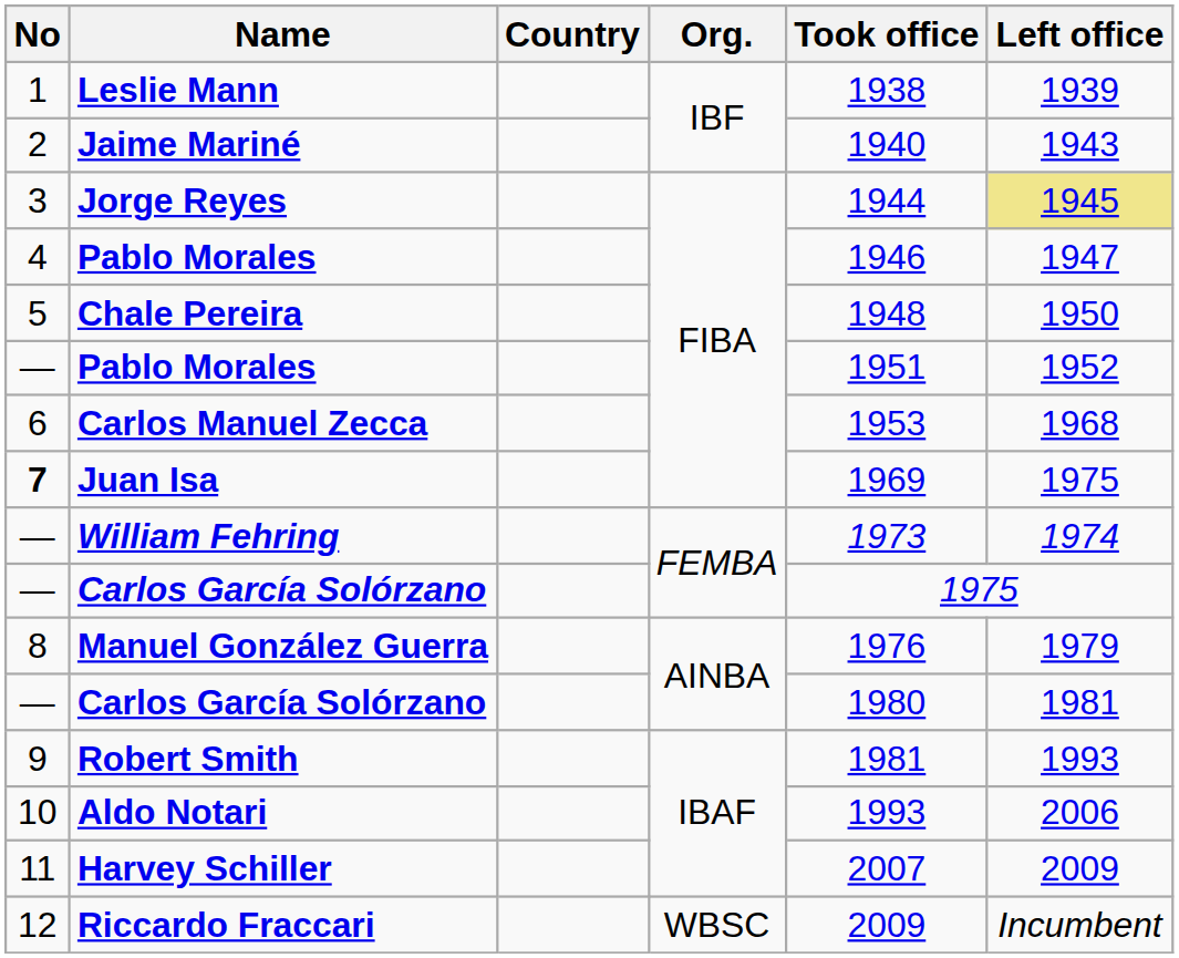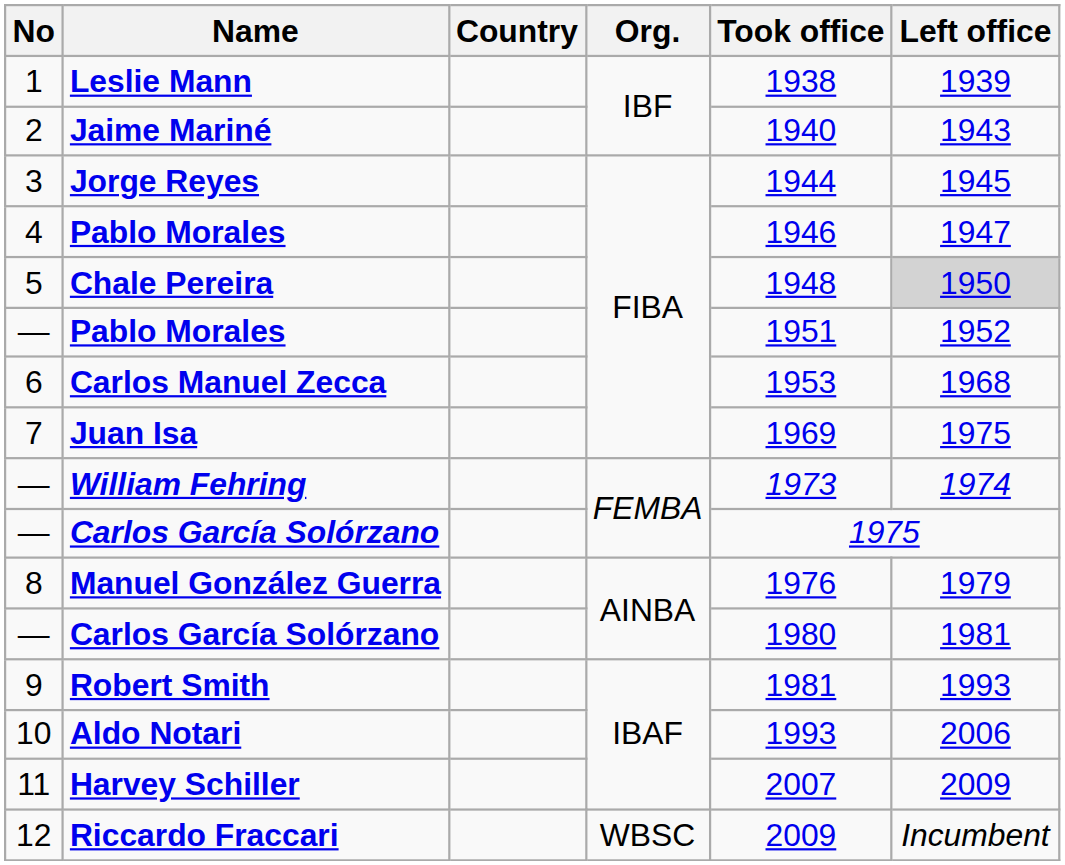 <table class="wikitable" style="font-size:90%; text-align:center;">
 <tr>
 <th>No</th>
 <th>Name</th>
 <th>Country</th>
 <th>Org.</th>
 <th>Took office</th>
 <th>Left office</th>
 </tr>
 <tr>
 <td>1</td>
 <td align="left"><strong><a href='#'>Leslie Mann</a></strong></td>
 <td align="left"></td>
 <td rowspan=2>IBF</td>
 <td><a href='#'>1938</a></td>
 <td><a href='#'>1939</a></td>
 </tr>
 <tr>
 <td>2</td>
 <td align="left"><strong><a href='#'>Jaime Mariné</a></strong></td>
 <td align="left"></td>
 <td><a href='#'>1940</a></td>
 <td><a href='#'>1943</a></td>
 </tr>
 <tr>
 <td>3</td>
 <td align="left"><strong><a href='#'>Jorge Reyes</a></strong></td>
 <td align="left"></td>
 <td rowspan=6>FIBA</td>
 <td><a href='#'>1944</a></td>
-<td style="background: khaki;"><a href='#'>1945</a></td>
+<td><a href='#'>1945</a></td>
 </tr>
 <tr>
 <td>4</td>
 <td align="left"><strong><a href='#'>Pablo Morales</a></strong></td>
 <td align="left"></td>
 <td><a href='#'>1946</a></td>
 <td><a href='#'>1947</a></td>
 </tr>
 <tr>
 <td>5</td>
 <td align="left"><strong><a href='#'>Chale Pereira</a></strong></td>
 <td align="left"></td>
 <td><a href='#'>1948</a></td>
-<td><a href='#'>1950</a></td>
+<td style="background: lightgrey;"><a href='#'>1950</a></td>
 </tr>
 <tr>
 <td>—</td>
 <td align="left"><strong><a href='#'>Pablo Morales</a></strong></td>
 <td align="left"></td>
 <td><a href='#'>1951</a></td>
 <td><a href='#'>1952</a></td>
 </tr>
 <tr>
 <td>6</td>
 <td align="left"><strong><a href='#'>Carlos Manuel Zecca</a></strong></td>
 <td align="left"></td>
 <td><a href='#'>1953</a></td>
 <td><a href='#'>1968</a></td>
 </tr>
 <tr>
-<td><strong>7</strong></td>
+<td>7</td>
 <td align="left"><strong><a href='#'>Juan Isa</a></strong></td>
 <td align="left"></td>
 <td><a href='#'>1969</a></td>
 <td><a href='#'>1975</a></td>
 </tr>
 <tr>
 <td>—</td>
 <td align="left"><strong><em><a href='#'>William Fehring</a></em></strong></td>
 <td align="left"><em></em></td>
 <td rowspan=2><em>FEMBA</em> </td>
 <td><em><a href='#'>1973</a></em></td>
 <td><em><a href='#'>1974</a></em></td>
 </tr>
 <tr>
 <td>—</td>
 <td align="left"><strong><em><a href='#'>Carlos García Solórzano</a></em></strong></td>
 <td align="left"><em></em></td>
 <td colspan=2><em><a href='#'>1975</a></em></td>
 </tr>
 <tr>
 <td>8</td>
 <td align="left"><strong><a href='#'>Manuel González Guerra</a></strong></td>
 <td align="left"></td>
 <td rowspan=2>AINBA</td>
 <td><a href='#'>1976</a></td>
 <td><a href='#'>1979</a></td>
 </tr>
 <tr>
 <td>—</td>
 <td align="left"><strong><a href='#'>Carlos García Solórzano</a></strong> </td>
 <td align="left"></td>
 <td><a href='#'>1980</a></td>
 <td><a href='#'>1981</a></td>
 </tr>
 <tr>
 <td>9</td>
 <td align="left"><strong><a href='#'>Robert Smith</a></strong></td>
 <td align="left"></td>
 <td rowspan=4>IBAF</td>
 <td><a href='#'>1981</a></td>
 <td><a href='#'>1993</a></td>
 </tr>
 <tr>
 <td>10</td>
 <td align="left"><strong><a href='#'>Aldo Notari</a></strong></td>
 <td align="left"></td>
 <td><a href='#'>1993</a></td>
 <td><a href='#'>2006</a></td>
 </tr>
 <tr>
 <td>11</td>
 <td align="left"><strong><a href='#'>Harvey Schiller</a></strong></td>
 <td align="left"></td>
 <td><a href='#'>2007</a></td>
 <td><a href='#'>2009</a></td>
 </tr>
 <tr>
 <td rowspan=2>12</td>
 <td rowspan=2  align="left"><strong><a href='#'>Riccardo Fraccari</a></strong></td>
 <td rowspan=2  align="left"></td>
 <td rowspan=2><a href='#'>2009</a></td>
 <td rowspan=2><em>Incumbent</em></td>
 </tr>
 <tr>
 <td>WBSC</td>
 </tr>
 </table>
